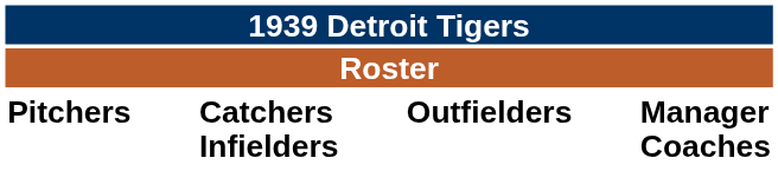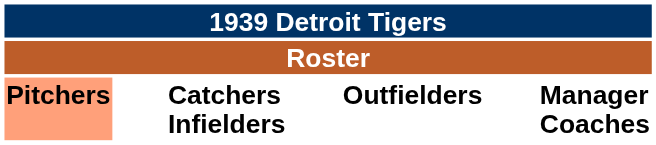 <table class="toccolours" style="font-size: 95%;">
 <tr>
 <th colspan="10" style="background-color: #003366; color: white; text-align: center;">1939 Detroit Tigers</th>
 </tr>
 <tr>
 <td colspan="10" style="background-color: #bd5d29; color: white; text-align: center;"><strong>Roster</strong></td>
 </tr>
 <tr>
-<td valign="top"><strong>Pitchers</strong><br>                  </td>
+<td valign="top" style="background: lightsalmon;"><strong>Pitchers</strong><br>                  </td>
 <td width="25px"></td>
 <td valign="top"><strong>Catchers</strong><br>    <strong>Infielders</strong>        </td>
 <td width="25px"></td>
 <td valign="top"><strong>Outfielders</strong><br>       </td>
 <td width="25px"></td>
 <td valign="top"><strong>Manager</strong><br> <strong>Coaches</strong>   </td>
 </tr>
 </table>
